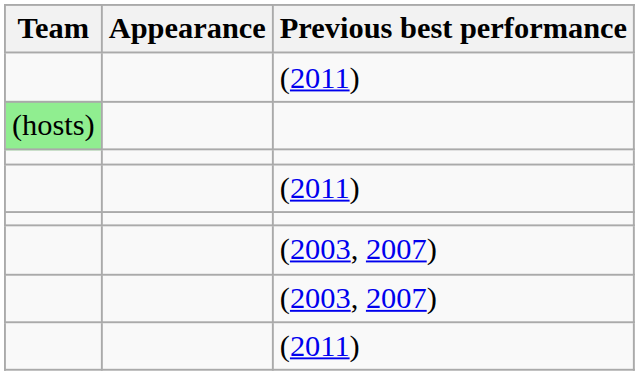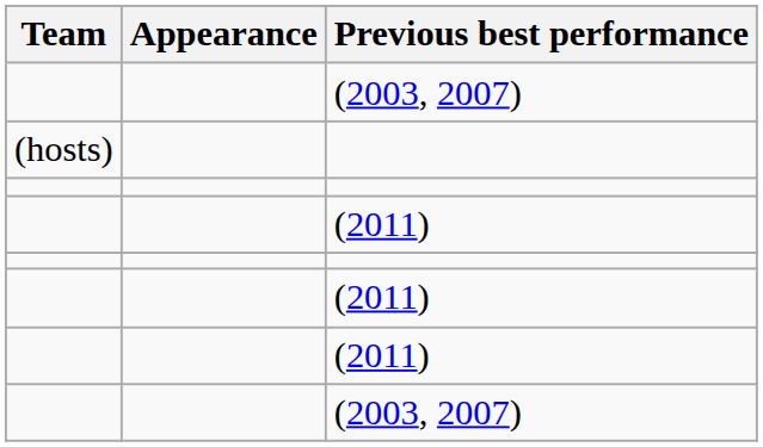 <table class="wikitable sortable" style="text-align: left;">
 <tr>
 <th>Team</th>
 <th>Appearance</th>
 <th>Previous best performance</th>
 </tr>
 <tr>
 <td></td>
 <td></td>
-<td> (<a href='#'>2011</a>)</td>
+<td> (<a href='#'>2003</a>, <a href='#'>2007</a>)</td>
 </tr>
 <tr>
-<td style="background: lightgreen;"> (hosts)</td>
+<td> (hosts)</td>
 <td></td>
 <td></td>
 </tr>
 <tr>
 <td></td>
 <td></td>
 <td></td>
 </tr>
 <tr>
 <td></td>
 <td></td>
 <td> (<a href='#'>2011</a>)</td>
 </tr>
 <tr>
 <td></td>
 <td></td>
 <td></td>
 </tr>
 <tr>
 <td></td>
 <td></td>
-<td> (<a href='#'>2003</a>, <a href='#'>2007</a>)</td>
+<td> (<a href='#'>2011</a>)</td>
+</tr>
+<tr>
+<td></td>
+<td></td>
+<td> (<a href='#'>2011</a>)</td>
 </tr>
 <tr>
 <td></td>
 <td></td>
 <td> (<a href='#'>2003</a>, <a href='#'>2007</a>)</td>
 </tr>
-<tr>
-<td></td>
-<td></td>
-<td> (<a href='#'>2011</a>)</td>
-</tr>
 </table>
